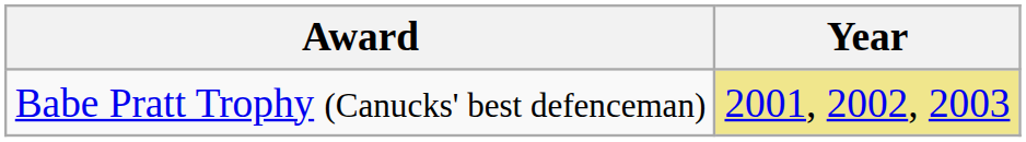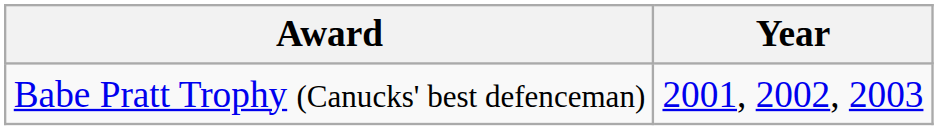 <table class="wikitable" border="1">
 <tr>
 <th>Award</th>
 <th>Year</th>
 </tr>
 <tr>
 <td><a href='#'>Babe Pratt Trophy</a> <small>(Canucks' best defenceman)</small></td>
-<td style="background: khaki;"><a href='#'>2001</a>, <a href='#'>2002</a>, <a href='#'>2003</a></td>
+<td><a href='#'>2001</a>, <a href='#'>2002</a>, <a href='#'>2003</a></td>
 </tr>
 </table>
